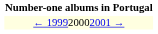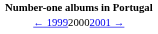 <table class="toc" id="toc" summary="Contents">
 <tr>
 <th>Number-one albums in Portugal</th>
 </tr>
 <tr>
-<td align="center" style="background: lightyellow;"><a href='#'>← 1999</a>2000<a href='#'>2001 →</a></td>
+<td align="center"><a href='#'>← 1999</a>2000<a href='#'>2001 →</a></td>
 </tr>
 </table>
